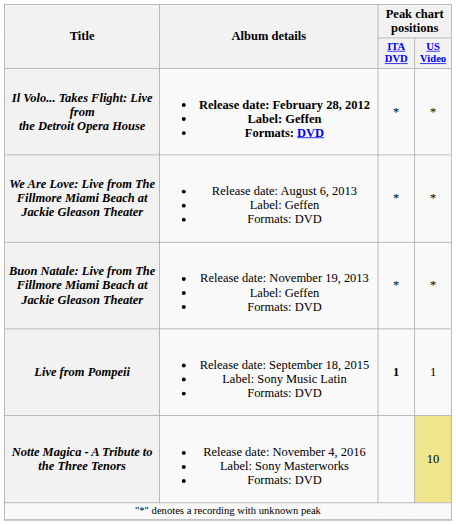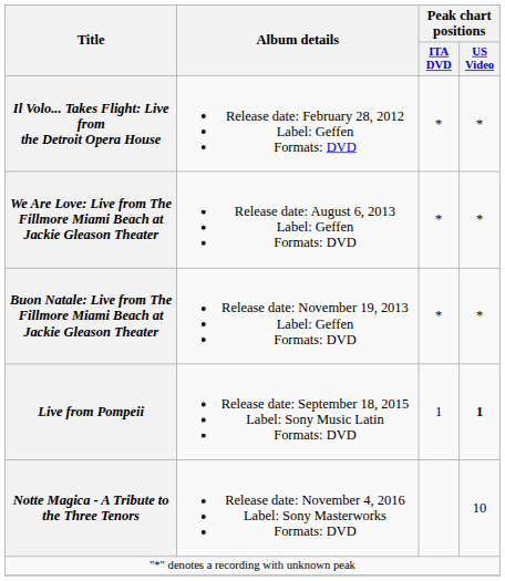 <table class="wikitable plainrowheaders" style="text-align:center;">
 <tr>
 <th scope="col" rowspan="2" style="width:12em;">Title</th>
 <th scope="col" rowspan="2" style="width:17em;">Album details</th>
 <th scope="col" colspan="2">Peak chart positions</th>
 </tr>
 <tr>
 <th scope="col" style="width:3em;font-size:85%;"><a href='#'>ITA<br>DVD</a><br></th>
 <th scope="col" style="width:3em;font-size:85%;"><a href='#'>US<br>Video</a><br></th>
 </tr>
 <tr>
 <th scope="row"><em>Il Volo... Takes Flight: Live from<br>the Detroit Opera House</em></th>
-<td><strong><br><ul><li>Release date: February 28, 2012</li><li>Label: Geffen</li><li>Formats: <a href='#'>DVD</a></li></ul></strong></td>
+<td><br><ul><li>Release date: February 28, 2012</li><li>Label: Geffen</li><li>Formats: <a href='#'>DVD</a></li></ul></td>
 <td>*</td>
 <td>*</td>
 </tr>
 <tr>
 <th scope="row"><em>We Are Love: Live from The Fillmore Miami Beach at Jackie Gleason Theater</em></th>
 <td><br><ul><li>Release date: August 6, 2013</li><li>Label: Geffen</li><li>Formats: DVD</li></ul></td>
 <td>*</td>
 <td>*</td>
 </tr>
 <tr>
 <th scope="row"><em>Buon Natale: Live from The Fillmore Miami Beach at Jackie Gleason Theater</em></th>
 <td><br><ul><li>Release date: November 19, 2013</li><li>Label: Geffen</li><li>Formats: DVD</li></ul></td>
 <td>*</td>
 <td>*</td>
 </tr>
 <tr>
 <th scope="row"><em>Live from Pompeii</em></th>
 <td><br><ul><li>Release date: September 18, 2015</li><li>Label: Sony Music Latin</li><li>Formats: DVD</li></ul></td>
+<td>1</td>
 <td><strong>1</strong></td>
-<td>1</td>
 </tr>
 <tr>
 <th scope="row"><em>Notte Magica - A Tribute to the Three Tenors</em></th>
 <td><br><ul><li>Release date: November 4, 2016</li><li>Label: Sony Masterworks</li><li>Formats: DVD</li></ul></td>
 <td></td>
-<td style="background: khaki;">10</td>
+<td>10</td>
 </tr>
 <tr>
 <td colspan="28" style="font-size:85%">"*" denotes a recording with unknown peak</td>
 </tr>
 <tr>
 </tr>
 </table>
